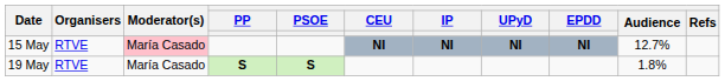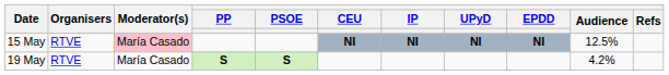 <table class="wikitable" style="text-align:center;">
 <tr>
 <th rowspan="3">Date</th>
 <th rowspan="3">Organisers</th>
 <th rowspan="3">Moderator(s)</th>
 <th colspan="8">        </th>
 </tr>
 <tr>
 <th scope="col" style="width:5em;"><a href='#'>PP</a></th>
 <th scope="col" style="width:5em;"><a href='#'>PSOE</a></th>
 <th scope="col" style="width:5em;"><a href='#'>CEU</a></th>
 <th scope="col" style="width:5em;"><a href='#'>IP</a></th>
 <th scope="col" style="width:5em;"><a href='#'>UPyD</a></th>
 <th scope="col" style="width:5em;"><a href='#'>EPDD</a></th>
 <th rowspan="2" scope="col" style="width:5em;">Audience</th>
 <th rowspan="2">Refs</th>
 </tr>
 <tr>
 <th style="color:inherit;background:"></th>
 <th style="color:inherit;background:"></th>
 <th style="color:inherit;background:"></th>
 <th style="color:inherit;background:"></th>
 <th style="color:inherit;background:"></th>
 <th style="color:inherit;background:"></th>
 </tr>
 <tr>
 <td style="white-space:nowrap; text-align:left;">15 May</td>
 <td style="white-space:nowrap; text-align:left;"><a href='#'>RTVE</a></td>
 <td style="background: pink; white-space:nowrap; text-align:left;">María Casado</td>
 <td></td>
 <td></td>
 <td style="background:#A2B2C2;"><strong>NI</strong></td>
 <td style="background:#A2B2C2;"><strong>NI</strong></td>
 <td style="background:#A2B2C2;"><strong>NI</strong></td>
 <td style="background:#A2B2C2;"><strong>NI</strong></td>
-<td>12.7%<br></td>
+<td>12.5%<br></td>
 <td><br></td>
 </tr>
 <tr>
 <td style="white-space:nowrap; text-align:left;">19 May</td>
 <td style="white-space:nowrap; text-align:left;"><a href='#'>RTVE</a></td>
 <td style="white-space:nowrap; text-align:left;">María Casado</td>
 <td style="background:#D0F0C0;"><strong>S</strong><br></td>
 <td style="background:#D0F0C0;"><strong>S</strong><br></td>
 <td></td>
 <td></td>
 <td></td>
 <td></td>
-<td>1.8%<br></td>
+<td>4.2%<br></td>
 <td></td>
 </tr>
 </table>
